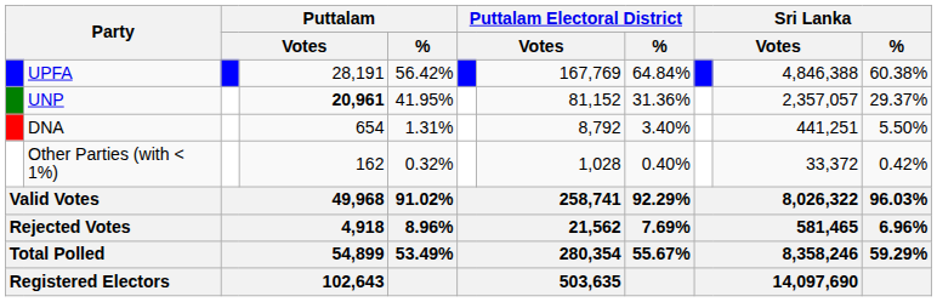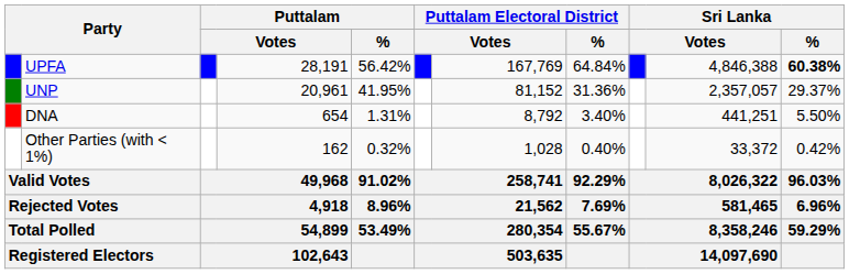 <table class="wikitable">
 <tr>
 <th colspan="2" width="144px"rowspan="2">Party</th>
 <th colspan="3" width="216px">Puttalam</th>
 <th colspan="3" width="216px"><a href='#'>Puttalam Electoral District</a></th>
 <th colspan="3" width="216px">Sri Lanka</th>
 </tr>
 <tr>
 <th colspan="2" width="144px">Votes</th>
 <th>%</th>
 <th colspan="2" width="144px">Votes</th>
 <th>%</th>
 <th colspan="2" width="144px">Votes</th>
 <th>%</th>
 </tr>
 <tr>
 <td style="background-color:blue;" width="10px"></td>
 <td style="text-align:left;"><a href='#'>UPFA</a></td>
 <td style="background-color:blue;" width="10px"></td>
 <td style="text-align:right;">28,191</td>
 <td style="text-align:right;">56.42%</td>
 <td style="background-color:blue;" width="10px"></td>
 <td style="text-align:right;">167,769</td>
 <td style="text-align:right;">64.84%</td>
 <td style="background-color:blue;" width="10px"></td>
 <td style="text-align:right;">4,846,388</td>
-<td style="text-align:right;">60.38%</td>
+<td style="text-align:right;"><strong>60.38%</strong></td>
 </tr>
 <tr>
 <td style="background-color:green;" width="10px"></td>
 <td style="text-align:left;"><a href='#'>UNP</a></td>
 <td style="background-color:white;" width="10px"></td>
-<td style="text-align:right;"><strong>20,961</strong></td>
+<td style="text-align:right;">20,961</td>
 <td style="text-align:right;">41.95%</td>
 <td style="background-color:white;" width="10px"></td>
 <td style="text-align:right;">81,152</td>
 <td style="text-align:right;">31.36%</td>
 <td style="background-color:white;" width="10px"></td>
 <td style="text-align:right;">2,357,057</td>
 <td style="text-align:right;">29.37%</td>
 </tr>
 <tr>
 <td style="background-color:red;" width="10px"></td>
 <td style="text-align:left;">DNA</td>
 <td style="background-color:white;" width="10px"></td>
 <td style="text-align:right;">654</td>
 <td style="text-align:right;">1.31%</td>
 <td style="background-color:white;" width="10px"></td>
 <td style="text-align:right;">8,792</td>
 <td style="text-align:right;">3.40%</td>
 <td style="background-color:white;" width="10px"></td>
 <td style="text-align:right;">441,251</td>
 <td style="text-align:right;">5.50%</td>
 </tr>
 <tr>
 <td style="background-color:white;" width="10px"></td>
 <td style="text-align:left;">Other Parties (with < 1%)</td>
 <td style="background-color:white;" width="10px"></td>
 <td style="text-align:right;">162</td>
 <td style="text-align:right;">0.32%</td>
 <td style="background-color:white;" width="10px"></td>
 <td style="text-align:right;">1,028</td>
 <td style="text-align:right;">0.40%</td>
 <td style="background-color:white;" width="10px"></td>
 <td style="text-align:right;">33,372</td>
 <td style="text-align:right;">0.42%</td>
 </tr>
 <tr>
 <th colspan="2" width="144px"style="text-align:left;">Valid Votes</th>
 <th style="text-align:right;"colspan="2" width="144px">49,968</th>
 <th style="text-align:right;">91.02%</th>
 <th style="text-align:right;"colspan="2" width="144px">258,741</th>
 <th style="text-align:right;">92.29%</th>
 <th style="text-align:right;"colspan="2" width="144px">8,026,322</th>
 <th style="text-align:right;">96.03%</th>
 </tr>
 <tr>
 <th colspan="2" width="144px"style="text-align:left;">Rejected Votes</th>
 <th style="text-align:right;"colspan="2" width="144px">4,918</th>
 <th style="text-align:right;">8.96%</th>
 <th style="text-align:right;"colspan="2" width="144px">21,562</th>
 <th style="text-align:right;">7.69%</th>
 <th style="text-align:right;"colspan="2" width="144px">581,465</th>
 <th style="text-align:right;">6.96%</th>
 </tr>
 <tr>
 <th colspan="2" width="144px"style="text-align:left;">Total Polled</th>
 <th style="text-align:right;"colspan="2" width="144px">54,899</th>
 <th style="text-align:right;">53.49%</th>
 <th style="text-align:right;"colspan="2" width="144px">280,354</th>
 <th style="text-align:right;">55.67%</th>
 <th style="text-align:right;"colspan="2" width="144px">8,358,246</th>
 <th style="text-align:right;">59.29%</th>
 </tr>
 <tr>
 <th colspan="2" width="144px"style="text-align:left;">Registered Electors</th>
 <th style="text-align:right;"colspan="2" width="144px">102,643</th>
 <th></th>
 <th style="text-align:right;"colspan="2" width="144px">503,635</th>
 <th></th>
 <th style="text-align:right;"colspan="2" width="144px">14,097,690</th>
 <th></th>
 </tr>
 </table>
